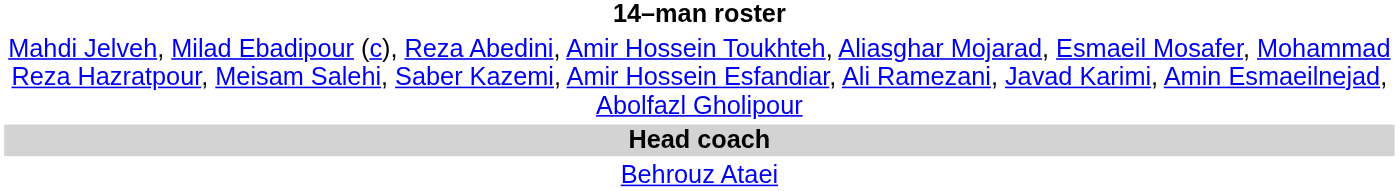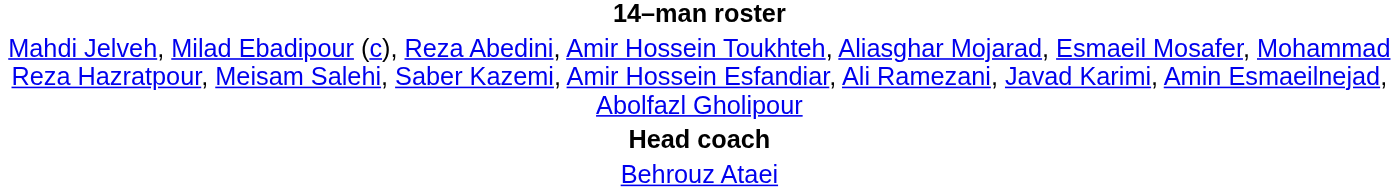 <table style="text-align:center; margin-top:2em; margin-left:auto; margin-right:auto">
 <tr>
 <td><strong>14–man roster</strong></td>
 </tr>
 <tr>
 <td><a href='#'>Mahdi Jelveh</a>, <a href='#'>Milad Ebadipour</a> (<a href='#'>c</a>), <a href='#'>Reza Abedini</a>, <a href='#'>Amir Hossein Toukhteh</a>, <a href='#'>Aliasghar Mojarad</a>, <a href='#'>Esmaeil Mosafer</a>, <a href='#'>Mohammad Reza Hazratpour</a>, <a href='#'>Meisam Salehi</a>, <a href='#'>Saber Kazemi</a>, <a href='#'>Amir Hossein Esfandiar</a>, <a href='#'>Ali Ramezani</a>, <a href='#'>Javad Karimi</a>, <a href='#'>Amin Esmaeilnejad</a>, <a href='#'>Abolfazl Gholipour</a></td>
 </tr>
 <tr>
-<td style="background: lightgrey;"><strong>Head coach</strong></td>
+<td><strong>Head coach</strong></td>
 </tr>
 <tr>
 <td><a href='#'>Behrouz Ataei</a></td>
 </tr>
 </table>
